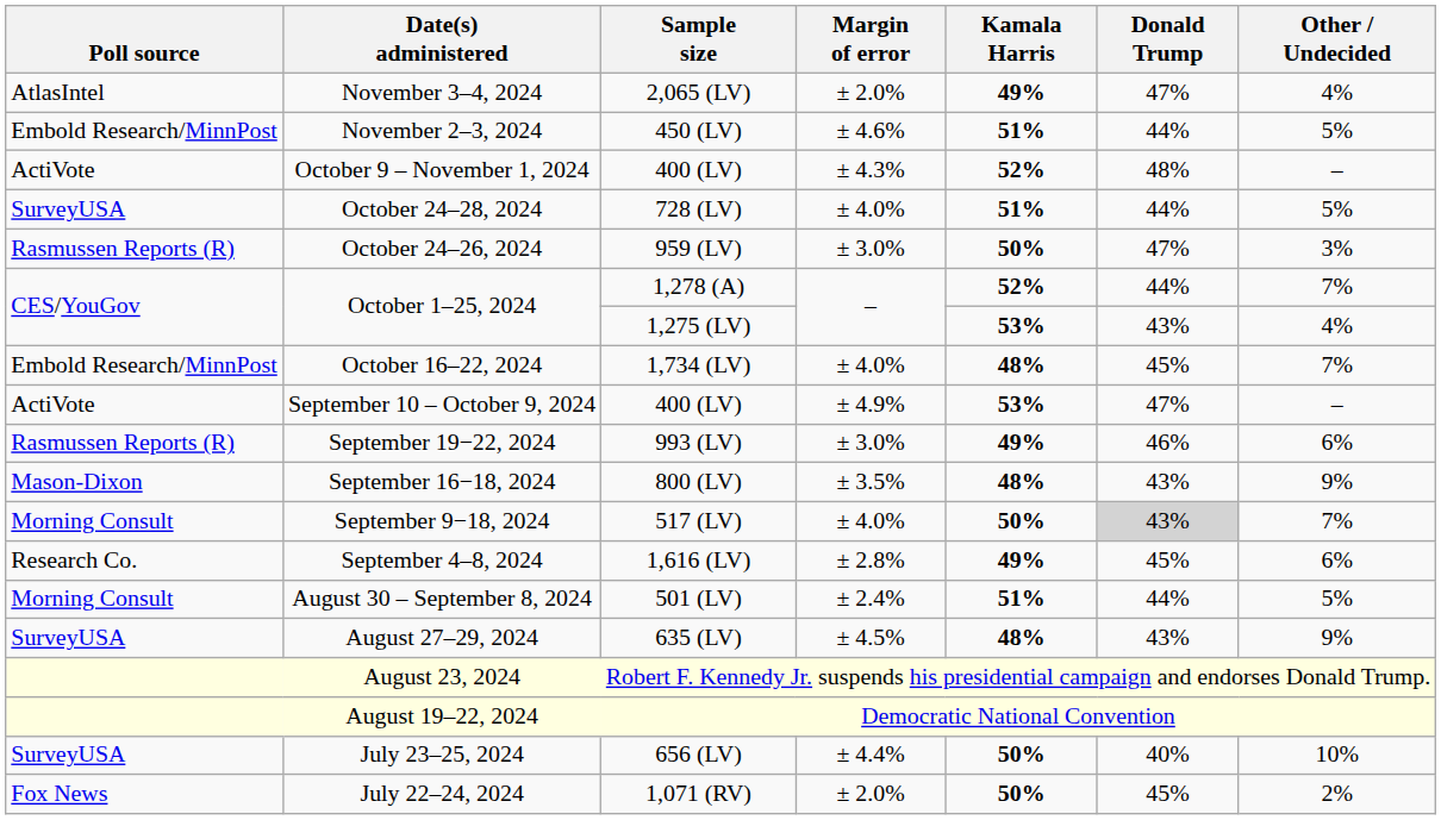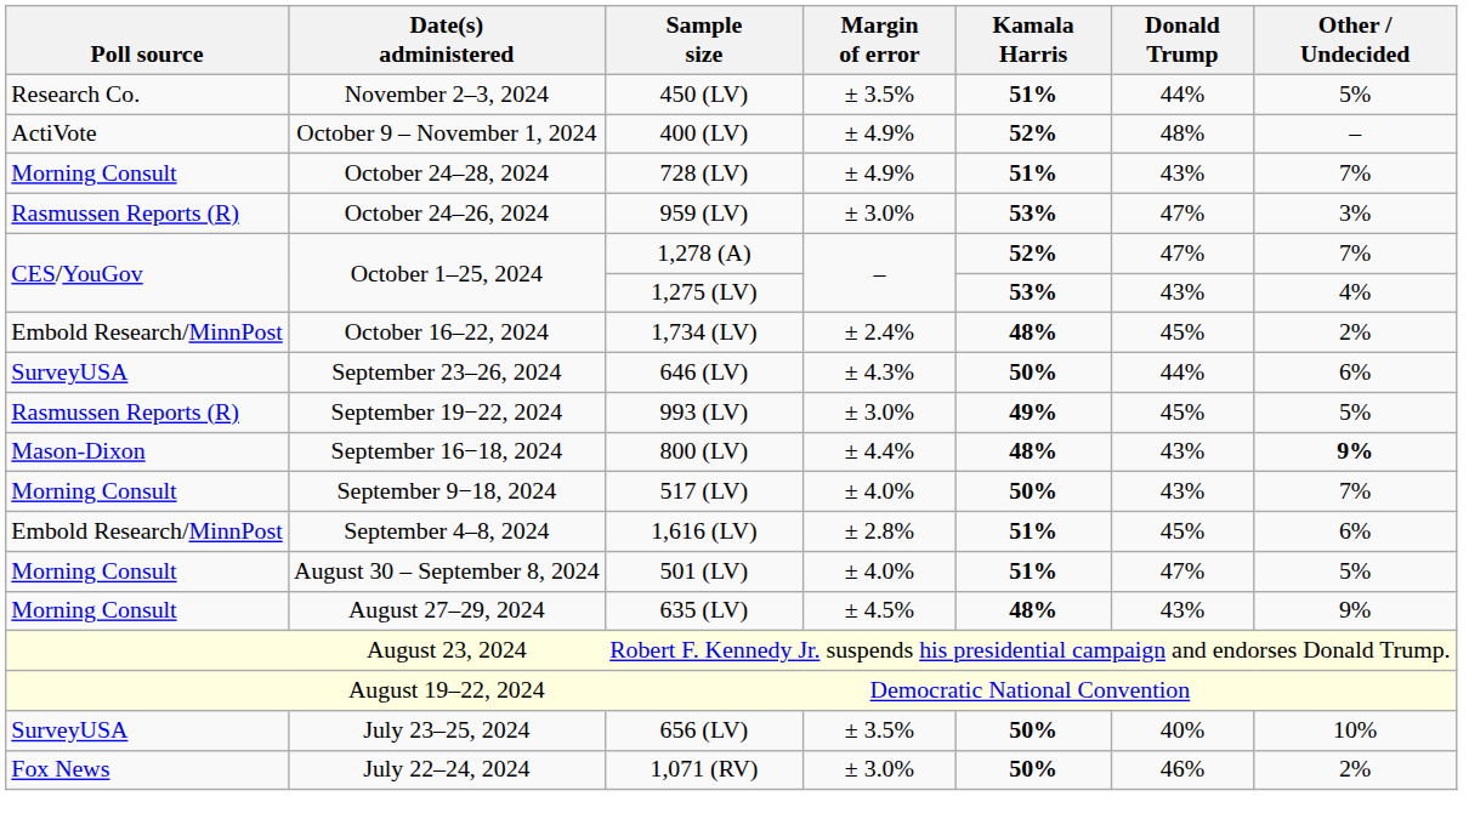 <table class="wikitable sortable mw-datatable" style="font-size:90%;text-align:center;line-height:17px">
 <tr valign=bottom>
 <th>Poll source</th>
 <th>Date(s)<br>administered</th>
 <th>Sample<br>size</th>
 <th>Margin<br>of error</th>
 <th class="unsortable">Kamala<br>Harris<br></th>
 <th class="unsortable">Donald<br>Trump<br></th>
 <th class="unsortable">Other /<br>Undecided</th>
 </tr>
 <tr>
-<td style="text-align:left;">AtlasIntel</td>
-<td data-sort-value="2024-11-04">November 3–4, 2024</td>
-<td>2,065 (LV)</td>
-<td>± 2.0%</td>
-<td style="color:black;background-color:"><strong>49%</strong></td>
-<td>47%</td>
-<td>4%</td>
-</tr>
-<tr>
-<td style="text-align:left;">Embold Research/<a href='#'>MinnPost</a></td>
+<td style="text-align:left;">Research Co.</td>
 <td data-sort-value="2024-11-03">November 2–3, 2024</td>
 <td>450 (LV)</td>
-<td>± 4.6%</td>
+<td>± 3.5%</td>
 <td style="color:black;background-color:"><strong>51%</strong></td>
 <td>44%</td>
 <td>5%</td>
 </tr>
 <tr>
 <td style="text-align:left;">ActiVote</td>
 <td data-sort-value="2024-10-28">October 9 – November 1, 2024</td>
 <td>400 (LV)</td>
-<td>± 4.3%</td>
+<td>± 4.9%</td>
 <td style="color:black;background-color:"><strong>52%</strong></td>
 <td>48%</td>
 <td>–</td>
 </tr>
 <tr>
-<td style="text-align:left;"><a href='#'>SurveyUSA</a></td>
+<td style="text-align:left;"><a href='#'>Morning Consult</a></td>
 <td data-sort-value="2024-10-28">October 24–28, 2024</td>
 <td>728 (LV)</td>
-<td>± 4.0%</td>
+<td>± 4.9%</td>
 <td style="color:black;background-color:"><strong>51%</strong></td>
-<td>44%</td>
-<td>5%</td>
+<td>43%</td>
+<td>7%</td>
 </tr>
 <tr>
 <td style="text-align:left;"><a href='#'>Rasmussen Reports (R)</a></td>
 <td data-sort-value="2024-10-28">October 24–26, 2024</td>
 <td>959 (LV)</td>
 <td>± 3.0%</td>
-<td style="color:black;background-color:"><strong>50%</strong></td>
+<td style="color:black;background-color:"><strong>53%</strong></td>
 <td>47%</td>
 <td>3%</td>
 </tr>
 <tr>
 <td style="text-align:left;" rowspan="2"><a href='#'>CES</a>/<a href='#'>YouGov</a></td>
 <td rowspan="2">October 1–25, 2024</td>
 <td>1,278 (A)</td>
 <td rowspan="2">–</td>
 <td style="color:black;background-color:"><strong>52%</strong></td>
-<td>44%</td>
+<td>47%</td>
 <td>7%</td>
 </tr>
 <tr>
 <td>1,275 (LV)</td>
 <td style="color:black;background-color:"><strong>53%</strong></td>
 <td>43%</td>
 <td>4%</td>
 </tr>
 <tr>
 <td style="text-align:left;">Embold Research/<a href='#'>MinnPost</a></td>
 <td data-sort-value="2024-10-22">October 16–22, 2024</td>
 <td>1,734 (LV)</td>
-<td>± 4.0%</td>
+<td>± 2.4%</td>
 <td style="color:black;background-color:"><strong>48%</strong></td>
 <td>45%</td>
-<td>7%</td>
+<td>2%</td>
 </tr>
 <tr>
-<td style="text-align:left;">ActiVote</td>
-<td data-sort-value="2024-09-26">September 10 – October 9, 2024</td>
-<td>400 (LV)</td>
-<td>± 4.9%</td>
-<td style="color:black;background-color:"><strong>53%</strong></td>
-<td>47%</td>
-<td>–</td>
+<td style="text-align:left;"><a href='#'>SurveyUSA</a></td>
+<td data-sort-value="2024-09-26">September 23–26, 2024</td>
+<td>646 (LV)</td>
+<td>± 4.3%</td>
+<td style="color:black;background-color:"><strong>50%</strong></td>
+<td>44%</td>
+<td>6%</td>
 </tr>
 <tr>
 <td style="text-align:left;"><a href='#'>Rasmussen Reports (R)</a></td>
 <td data-sort-value="2024-09-22">September 19−22, 2024</td>
 <td>993 (LV)</td>
 <td>± 3.0%</td>
 <td style="color:black;background-color:"><strong>49%</strong></td>
-<td>46%</td>
-<td>6%</td>
+<td>45%</td>
+<td>5%</td>
 </tr>
 <tr>
 <td style="text-align:left;"><a href='#'>Mason-Dixon</a></td>
 <td data-sort-value="2024-09-18">September 16−18, 2024</td>
 <td>800 (LV)</td>
-<td>± 3.5%</td>
+<td>± 4.4%</td>
 <td style="color:black;background-color:"><strong>48%</strong></td>
 <td>43%</td>
-<td>9%</td>
+<td><strong>9%</strong></td>
 </tr>
 <tr>
 <td style="text-align:left;"><a href='#'>Morning Consult</a></td>
 <td data-sort-value="2024-09-18">September 9−18, 2024</td>
 <td>517 (LV)</td>
 <td>± 4.0%</td>
 <td style="color:black;background-color:"><strong>50%</strong></td>
-<td style="background: lightgrey;">43%</td>
+<td>43%</td>
 <td>7%</td>
 </tr>
 <tr>
-<td style="text-align:left;">Research Co.</td>
+<td style="text-align:left;">Embold Research/<a href='#'>MinnPost</a></td>
 <td data-sort-value="2024-09-08">September 4–8, 2024</td>
 <td>1,616 (LV)</td>
 <td>± 2.8%</td>
-<td style="color:black;background-color:"><strong>49%</strong></td>
+<td style="color:black;background-color:"><strong>51%</strong></td>
 <td>45%</td>
 <td>6%</td>
 </tr>
 <tr>
 <td style="text-align:left;"><a href='#'>Morning Consult</a></td>
 <td data-sort-value="2024-09-08">August 30 – September 8, 2024</td>
 <td>501 (LV)</td>
-<td>± 2.4%</td>
+<td>± 4.0%</td>
 <td style="color:black;background-color:"><strong>51%</strong></td>
-<td>44%</td>
+<td>47%</td>
 <td>5%</td>
 </tr>
 <tr>
-<td style="text-align:left;"><a href='#'>SurveyUSA</a></td>
+<td style="text-align:left;"><a href='#'>Morning Consult</a></td>
 <td data-sort-value="2024-08-29">August 27–29, 2024</td>
 <td>635 (LV)</td>
 <td>± 4.5%</td>
 <td style="color:black;background-color:"><strong>48%</strong></td>
 <td>43%</td>
 <td>9%</td>
 </tr>
 <tr style="background:lightyellow;">
 <td style="border-right-style:hidden;"></td>
 <td style="border-right-style:hidden; " data-sort-value="2024-08-21">August 23, 2024</td>
 <td colspan="5"><a href='#'>Robert F. Kennedy Jr.</a> suspends <a href='#'>his presidential campaign</a> and endorses Donald Trump.</td>
 </tr>
 <tr style="background:lightyellow;">
 <td style="border-right-style:hidden;"></td>
 <td style="border-right-style:hidden; " data-sort-value="2024-08-19">August 19–22, 2024</td>
 <td colspan="5"><a href='#'>Democratic National Convention</a></td>
 </tr>
 <tr>
 <td style="text-align:left;"><a href='#'>SurveyUSA</a></td>
 <td data-sort-value="2024-07-26">July 23–25, 2024</td>
 <td>656 (LV)</td>
-<td>± 4.4%</td>
+<td>± 3.5%</td>
 <td style="color:black;background-color:"><strong>50%</strong></td>
 <td>40%</td>
 <td>10%</td>
 </tr>
 <tr>
 <td style="text-align:left;"><a href='#'>Fox News</a></td>
 <td data-sort-value="2024-07-26">July 22–24, 2024</td>
 <td>1,071 (RV)</td>
-<td>± 2.0%</td>
+<td>± 3.0%</td>
 <td style="color:black;background-color:"><strong>50%</strong></td>
-<td>45%</td>
+<td>46%</td>
 <td>2%</td>
 </tr>
 </table>
